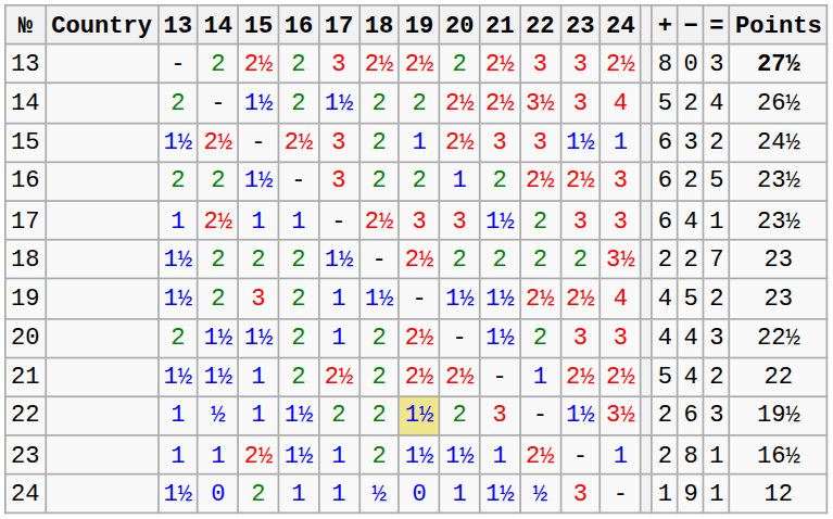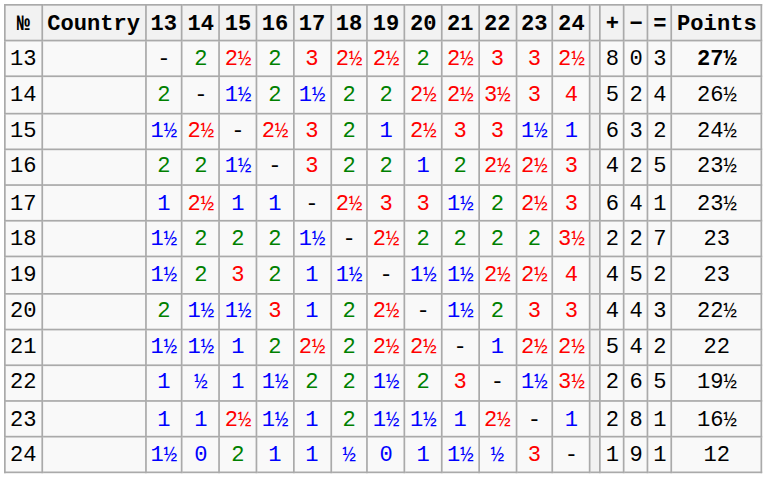 <table class="wikitable" style="text-align:center">
 <tr>
 <th>№</th>
 <th>Country</th>
 <th>13</th>
 <th>14</th>
 <th>15</th>
 <th>16</th>
 <th>17</th>
 <th>18</th>
 <th>19</th>
 <th>20</th>
 <th>21</th>
 <th>22</th>
 <th>23</th>
 <th>24</th>
 <th></th>
 <th>+</th>
 <th>−</th>
 <th>=</th>
 <th>Points</th>
 </tr>
 <tr>
 <td>13</td>
 <td style="text-align: left"></td>
 <td>-</td>
 <td style="color: green">2</td>
 <td style="color: red;">2½</td>
 <td style="color: green">2</td>
 <td style="color: red;">3</td>
 <td style="color: red;">2½</td>
 <td style="color: red;">2½</td>
 <td style="color: green">2</td>
 <td style="color: red;">2½</td>
 <td style="color: red;">3</td>
 <td style="color: red;">3</td>
 <td style="color: red;">2½</td>
 <th></th>
 <td>8</td>
 <td>0</td>
 <td>3</td>
 <td><strong>27½</strong></td>
 </tr>
 <tr>
 <td>14</td>
 <td style="text-align: left"></td>
 <td style="color: green">2</td>
 <td>-</td>
 <td style="color: blue;">1½</td>
 <td style="color: green">2</td>
 <td style="color: blue;">1½</td>
 <td style="color: green">2</td>
 <td style="color: green">2</td>
 <td style="color: red;">2½</td>
 <td style="color: red;">2½</td>
 <td style="color: red;">3½</td>
 <td style="color: red;">3</td>
 <td style="color: red;">4</td>
 <th></th>
 <td>5</td>
 <td>2</td>
 <td>4</td>
 <td>26½</td>
 </tr>
 <tr>
 <td>15</td>
 <td style="text-align: left"></td>
 <td style="color: blue;">1½</td>
 <td style="color: red;">2½</td>
 <td>-</td>
 <td style="color: red;">2½</td>
 <td style="color: red;">3</td>
 <td style="color: green">2</td>
 <td style="color: blue;">1</td>
 <td style="color: red;">2½</td>
 <td style="color: red;">3</td>
 <td style="color: red;">3</td>
 <td style="color: blue;">1½</td>
 <td style="color: blue;">1</td>
 <th></th>
 <td>6</td>
 <td>3</td>
 <td>2</td>
 <td>24½</td>
 </tr>
 <tr>
 <td>16</td>
 <td style="text-align: left"></td>
 <td style="color: green">2</td>
 <td style="color: green">2</td>
 <td style="color: blue;">1½</td>
 <td>-</td>
 <td style="color: red;">3</td>
 <td style="color: green">2</td>
 <td style="color: green">2</td>
 <td style="color: blue;">1</td>
 <td style="color: green">2</td>
 <td style="color: red;">2½</td>
 <td style="color: red;">2½</td>
 <td style="color: red;">3</td>
 <th></th>
-<td>6</td>
+<td>4</td>
 <td>2</td>
 <td>5</td>
 <td>23½</td>
 </tr>
 <tr>
 <td>17</td>
 <td style="text-align: left"></td>
 <td style="color: blue;">1</td>
 <td style="color: red;">2½</td>
 <td style="color: blue;">1</td>
 <td style="color: blue;">1</td>
 <td>-</td>
 <td style="color: red;">2½</td>
 <td style="color: red;">3</td>
 <td style="color: red;">3</td>
 <td style="color: blue;">1½</td>
 <td style="color: green">2</td>
-<td style="color: red;">3</td>
+<td style="color: red;">2½</td>
 <td style="color: red;">3</td>
 <th></th>
 <td>6</td>
 <td>4</td>
 <td>1</td>
 <td>23½</td>
 </tr>
 <tr>
 <td>18</td>
 <td style="text-align: left"></td>
 <td style="color: blue;">1½</td>
 <td style="color: green">2</td>
 <td style="color: green">2</td>
 <td style="color: green">2</td>
 <td style="color: blue;">1½</td>
 <td>-</td>
 <td style="color: red;">2½</td>
 <td style="color: green">2</td>
 <td style="color: green">2</td>
 <td style="color: green">2</td>
 <td style="color: green">2</td>
 <td style="color: red;">3½</td>
 <th></th>
 <td>2</td>
 <td>2</td>
 <td>7</td>
 <td>23</td>
 </tr>
 <tr>
 <td>19</td>
 <td style="text-align: left"></td>
 <td style="color: blue;">1½</td>
 <td style="color: green">2</td>
 <td style="color: red;">3</td>
 <td style="color: green">2</td>
 <td style="color: blue;">1</td>
 <td style="color: blue;">1½</td>
 <td>-</td>
 <td style="color: blue;">1½</td>
 <td style="color: blue;">1½</td>
 <td style="color: red;">2½</td>
 <td style="color: red;">2½</td>
 <td style="color: red;">4</td>
 <th></th>
 <td>4</td>
 <td>5</td>
 <td>2</td>
 <td>23</td>
 </tr>
 <tr>
 <td>20</td>
 <td style="text-align: left"></td>
 <td style="color: green">2</td>
 <td style="color: blue;">1½</td>
 <td style="color: blue;">1½</td>
-<td style="color: green">2</td>
+<td style="color: red;">3</td>
 <td style="color: blue;">1</td>
 <td style="color: green">2</td>
 <td style="color: red;">2½</td>
 <td>-</td>
 <td style="color: blue;">1½</td>
 <td style="color: green">2</td>
 <td style="color: red;">3</td>
 <td style="color: red;">3</td>
 <th></th>
 <td>4</td>
 <td>4</td>
 <td>3</td>
 <td>22½</td>
 </tr>
 <tr>
 <td>21</td>
 <td style="text-align: left"></td>
 <td style="color: blue;">1½</td>
 <td style="color: blue;">1½</td>
 <td style="color: blue;">1</td>
 <td style="color: green">2</td>
 <td style="color: red;">2½</td>
 <td style="color: green">2</td>
 <td style="color: red;">2½</td>
 <td style="color: red;">2½</td>
 <td>-</td>
 <td style="color: blue;">1</td>
 <td style="color: red;">2½</td>
 <td style="color: red;">2½</td>
 <th></th>
 <td>5</td>
 <td>4</td>
 <td>2</td>
 <td>22</td>
 </tr>
 <tr>
 <td>22</td>
 <td style="text-align: left"></td>
 <td style="color: blue;">1</td>
 <td style="color: blue;">½</td>
 <td style="color: blue;">1</td>
 <td style="color: blue;">1½</td>
 <td style="color: green">2</td>
 <td style="color: green">2</td>
-<td style="background: khaki; color: blue;">1½</td>
+<td style="color: blue;">1½</td>
 <td style="color: green">2</td>
 <td style="color: red;">3</td>
 <td>-</td>
 <td style="color: blue;">1½</td>
 <td style="color: red;">3½</td>
 <th></th>
 <td>2</td>
 <td>6</td>
-<td>3</td>
+<td>5</td>
 <td>19½</td>
 </tr>
 <tr>
 <td>23</td>
 <td style="text-align: left"></td>
 <td style="color: blue;">1</td>
 <td style="color: blue;">1</td>
 <td style="color: red;">2½</td>
 <td style="color: blue;">1½</td>
 <td style="color: blue;">1</td>
 <td style="color: green">2</td>
 <td style="color: blue;">1½</td>
 <td style="color: blue;">1½</td>
 <td style="color: blue;">1</td>
 <td style="color: red;">2½</td>
 <td>-</td>
 <td style="color: blue;">1</td>
 <th></th>
 <td>2</td>
 <td>8</td>
 <td>1</td>
 <td>16½</td>
 </tr>
 <tr>
 <td>24</td>
 <td style="text-align: left"></td>
 <td style="color: blue;">1½</td>
 <td style="color: blue;">0</td>
 <td style="color: green">2</td>
 <td style="color: blue;">1</td>
 <td style="color: blue;">1</td>
 <td style="color: blue;">½</td>
 <td style="color: blue;">0</td>
 <td style="color: blue;">1</td>
 <td style="color: blue;">1½</td>
 <td style="color: blue;">½</td>
 <td style="color: red;">3</td>
 <td>-</td>
 <th></th>
 <td>1</td>
 <td>9</td>
 <td>1</td>
 <td>12</td>
 </tr>
 </table>
